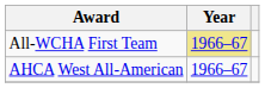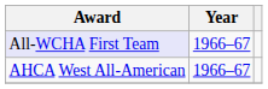 <table class="wikitable">
 <tr>
 <th>Award</th>
 <th>Year</th>
 <th></th>
 </tr>
 <tr>
-<td>All-<a href='#'>WCHA</a> <a href='#'>First Team</a></td>
-<td style="background: khaki;"><a href='#'>1966–67</a></td>
+<td style="background: lavender;">All-<a href='#'>WCHA</a> <a href='#'>First Team</a></td>
+<td><a href='#'>1966–67</a></td>
 <td></td>
 </tr>
 <tr>
 <td><a href='#'>AHCA</a> <a href='#'>West All-American</a></td>
 <td><a href='#'>1966–67</a></td>
 <td></td>
 </tr>
 <tr>
 </tr>
 </table>
